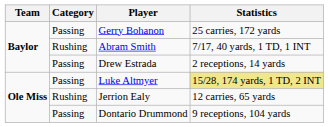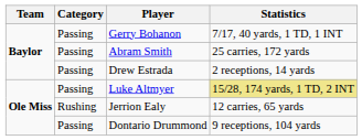 <table class="wikitable" style="float: right;">
 <tr>
 <th>Team</th>
 <th>Category</th>
 <th>Player</th>
 <th>Statistics</th>
 </tr>
 <tr>
 <td rowspan=3><strong>Baylor</strong></td>
 <td>Passing</td>
 <td><a href='#'>Gerry Bohanon</a></td>
-<td>25 carries, 172 yards</td>
+<td>7/17, 40 yards, 1 TD, 1 INT</td>
 </tr>
 <tr>
-<td>Rushing</td>
+<td>Passing</td>
 <td><a href='#'>Abram Smith</a></td>
-<td>7/17, 40 yards, 1 TD, 1 INT</td>
+<td>25 carries, 172 yards</td>
 </tr>
 <tr>
 <td>Passing</td>
 <td>Drew Estrada</td>
 <td>2 receptions, 14 yards</td>
 </tr>
 <tr>
 <td rowspan=3><strong>Ole Miss</strong></td>
 <td>Passing</td>
 <td><a href='#'>Luke Altmyer</a></td>
 <td style="background: khaki;">15/28, 174 yards, 1 TD, 2 INT</td>
 </tr>
 <tr>
 <td>Rushing</td>
 <td>Jerrion Ealy</td>
 <td>12 carries, 65 yards</td>
 </tr>
 <tr>
 <td>Passing</td>
 <td>Dontario Drummond</td>
 <td>9 receptions, 104 yards</td>
 </tr>
 </table>
